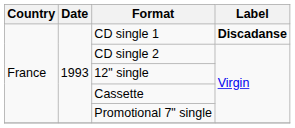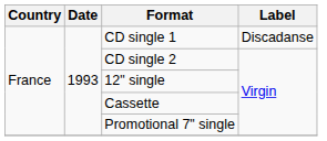 <table class=wikitable>
 <tr>
 <th>Country</th>
 <th>Date</th>
 <th>Format</th>
 <th>Label</th>
 </tr>
 <tr>
 <td rowspan="5">France</td>
 <td rowspan="5">1993</td>
 <td>CD single 1</td>
-<td><strong>Discadanse</strong></td>
+<td>Discadanse</td>
 </tr>
 <tr>
 <td>CD single 2</td>
 <td rowspan="4"><a href='#'>Virgin</a></td>
 </tr>
 <tr>
 <td>12" single</td>
 </tr>
 <tr>
 <td>Cassette</td>
 </tr>
 <tr>
 <td>Promotional 7" single</td>
 </tr>
 <tr>
 </tr>
 </table>
